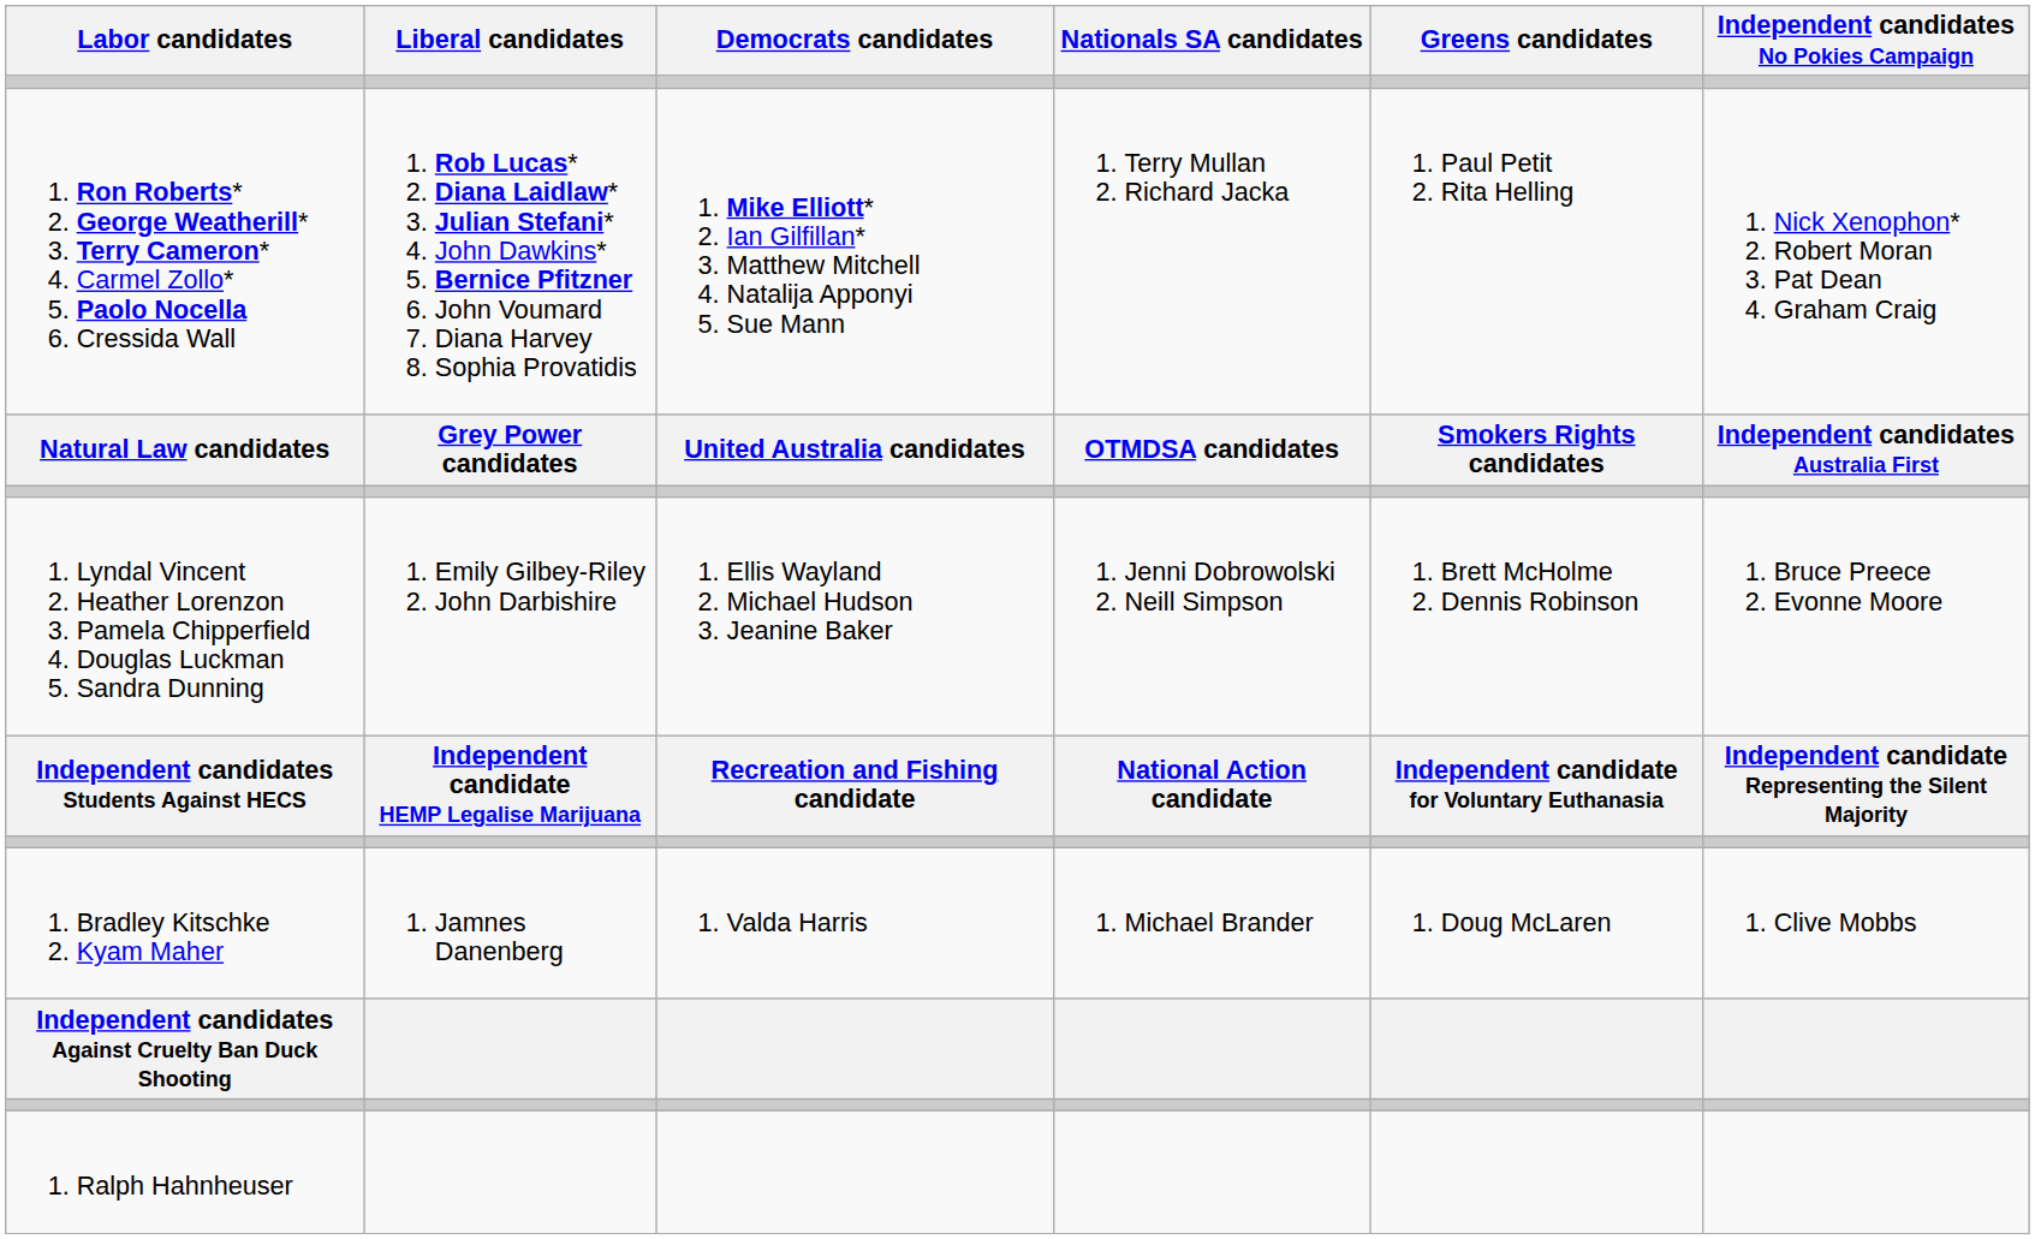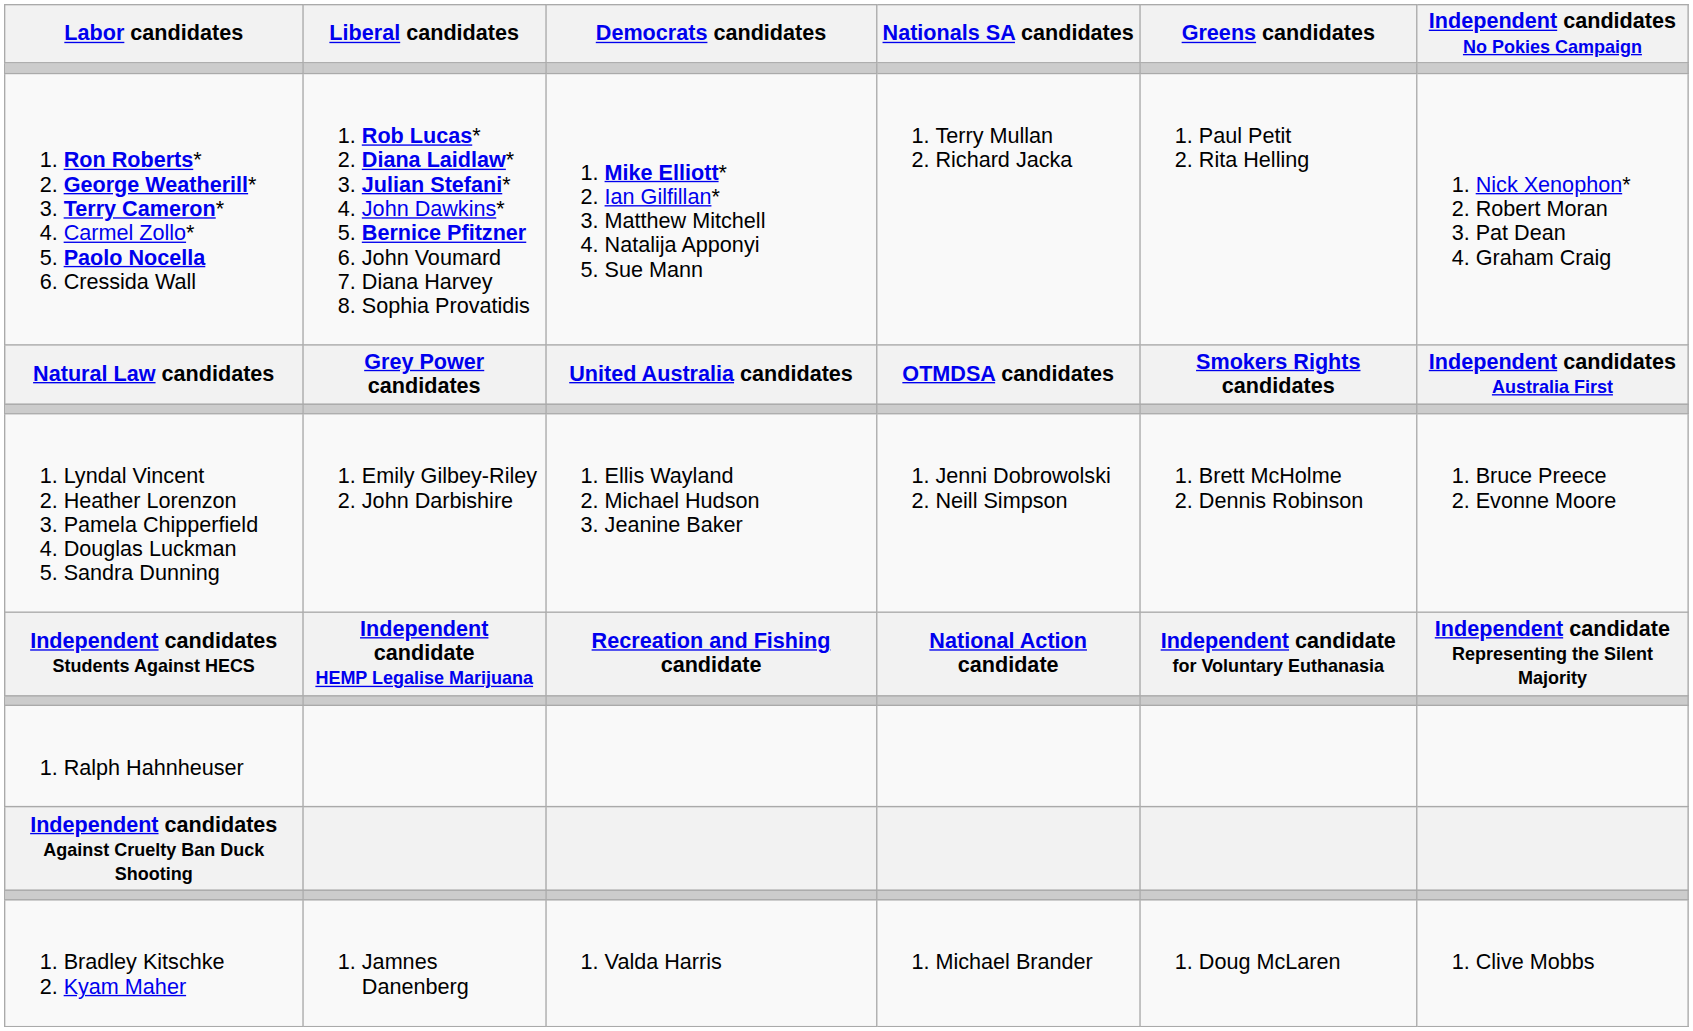 <table class="wikitable">
 <tr>
 <th><a href='#'>Labor</a> candidates</th>
 <th><a href='#'>Liberal</a> candidates</th>
 <th><a href='#'>Democrats</a> candidates</th>
 <th><a href='#'>Nationals SA</a> candidates</th>
 <th><a href='#'>Greens</a> candidates</th>
 <th><a href='#'>Independent</a> candidates <br> <small><a href='#'>No Pokies Campaign</a></small></th>
 </tr>
 <tr bgcolor="#cccccc">
 <td></td>
 <td></td>
 <td></td>
 <td></td>
 <td></td>
 <td></td>
 </tr>
 <tr>
 <td><br><ol><li><strong><a href='#'>Ron Roberts</a></strong>*</li><li><strong><a href='#'>George Weatherill</a></strong>*</li><li><strong><a href='#'>Terry Cameron</a></strong>*</li><li><a href='#'>Carmel Zollo</a>*</li><li><strong><a href='#'>Paolo Nocella</a></strong></li><li>Cressida Wall</li></ol></td>
 <td><br><ol><li><strong><a href='#'>Rob Lucas</a></strong>*</li><li><strong><a href='#'>Diana Laidlaw</a></strong>*</li><li><strong><a href='#'>Julian Stefani</a></strong>*</li><li><a href='#'>John Dawkins</a>*</li><li><strong><a href='#'>Bernice Pfitzner</a></strong></li><li>John Voumard</li><li>Diana Harvey</li><li>Sophia Provatidis</li></ol></td>
 <td><br><ol><li><strong><a href='#'>Mike Elliott</a></strong>*</li><li><a href='#'>Ian Gilfillan</a>*</li><li>Matthew Mitchell</li><li>Natalija Apponyi</li><li>Sue Mann</li></ol></td>
 <td valign=top><br><ol><li>Terry Mullan</li><li>Richard Jacka</li></ol></td>
 <td valign=top><br><ol><li>Paul Petit</li><li>Rita Helling</li></ol></td>
 <td><br><ol><li><a href='#'>Nick Xenophon</a>*</li><li>Robert Moran</li><li>Pat Dean</li><li>Graham Craig</li></ol></td>
 </tr>
 <tr bgcolor="#cccccc">
 <th><a href='#'>Natural Law</a> candidates</th>
 <th><a href='#'>Grey Power</a> candidates</th>
 <th><a href='#'>United Australia</a> candidates</th>
 <th><a href='#'>OTMDSA</a> candidates</th>
 <th><a href='#'>Smokers Rights</a> candidates</th>
 <th><a href='#'>Independent</a> candidates <br> <small><a href='#'>Australia First</a></small></th>
 </tr>
 <tr bgcolor="#cccccc">
 <td></td>
 <td></td>
 <td></td>
 <td></td>
 <td></td>
 <td></td>
 </tr>
 <tr>
 <td valign=top><br><ol><li>Lyndal Vincent</li><li>Heather Lorenzon</li><li>Pamela Chipperfield</li><li>Douglas Luckman</li><li>Sandra Dunning</li></ol></td>
 <td valign=top><br><ol><li>Emily Gilbey-Riley</li><li>John Darbishire</li></ol></td>
 <td valign=top><br><ol><li>Ellis Wayland</li><li>Michael Hudson</li><li>Jeanine Baker</li></ol></td>
 <td valign=top><br><ol><li>Jenni Dobrowolski</li><li>Neill Simpson</li></ol></td>
 <td valign=top><br><ol><li>Brett McHolme</li><li>Dennis Robinson</li></ol></td>
 <td valign=top><br><ol><li>Bruce Preece</li><li>Evonne Moore</li></ol></td>
 </tr>
 <tr bgcolor="#cccccc">
 <th><a href='#'>Independent</a> candidates <br> <small>Students Against HECS</small></th>
 <th><a href='#'>Independent</a> candidate <br> <small><a href='#'>HEMP Legalise Marijuana</a></small></th>
 <th><a href='#'>Recreation and Fishing</a> candidate</th>
 <th><a href='#'>National Action</a> candidate</th>
 <th><a href='#'>Independent</a> candidate <br> <small>for Voluntary Euthanasia</small></th>
 <th><a href='#'>Independent</a> candidate <br> <small>Representing the Silent Majority</small></th>
 </tr>
 <tr bgcolor="#cccccc">
 <td></td>
 <td></td>
 <td></td>
 <td></td>
 <td></td>
 <td></td>
 </tr>
 <tr>
-<td valign=top><br><ol><li>Bradley Kitschke</li><li><a href='#'>Kyam Maher</a></li></ol></td>
-<td valign=top><br><ol><li>Jamnes Danenberg</li></ol></td>
-<td valign=top><br><ol><li>Valda Harris</li></ol></td>
-<td valign=top><br><ol><li>Michael Brander</li></ol></td>
-<td valign=top><br><ol><li>Doug McLaren</li></ol></td>
-<td valign=top><br><ol><li>Clive Mobbs</li></ol></td>
+<td valign=top><br><ol><li>Ralph Hahnheuser</li></ol></td>
+<td valign=top></td>
+<td valign=top></td>
+<td valign=top></td>
+<td valign=top></td>
+<td valign=top></td>
 </tr>
 <tr bgcolor="#cccccc">
 <th><a href='#'>Independent</a> candidates <br> <small>Against Cruelty Ban Duck Shooting</small></th>
 <th></th>
 <th></th>
 <th></th>
 <th></th>
 <th></th>
 </tr>
 <tr bgcolor="#cccccc">
 <td></td>
 <td></td>
 <td></td>
 <td></td>
 <td></td>
 <td></td>
 </tr>
 <tr>
-<td valign=top><br><ol><li>Ralph Hahnheuser</li></ol></td>
-<td valign=top></td>
-<td valign=top></td>
-<td valign=top></td>
-<td valign=top></td>
-<td valign=top></td>
+<td valign=top><br><ol><li>Bradley Kitschke</li><li><a href='#'>Kyam Maher</a></li></ol></td>
+<td valign=top><br><ol><li>Jamnes Danenberg</li></ol></td>
+<td valign=top><br><ol><li>Valda Harris</li></ol></td>
+<td valign=top><br><ol><li>Michael Brander</li></ol></td>
+<td valign=top><br><ol><li>Doug McLaren</li></ol></td>
+<td valign=top><br><ol><li>Clive Mobbs</li></ol></td>
 </tr>
 </table>
